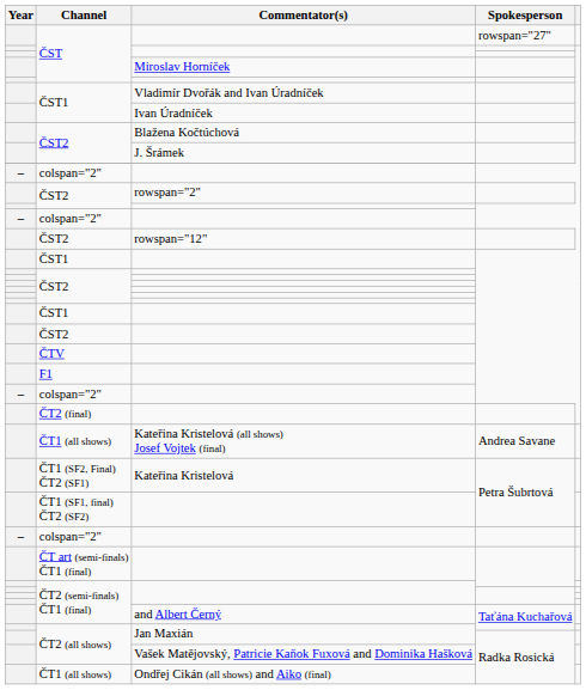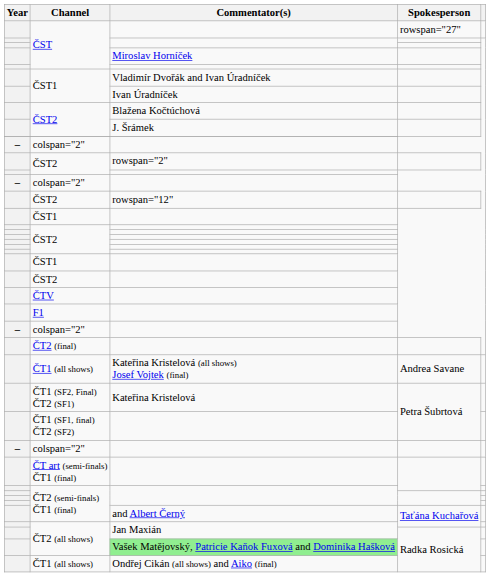 <table class="wikitable plainrowheaders sticky-header" text-align:left;">
 <tr>
 <th>Year</th>
 <th>Channel</th>
 <th>Commentator(s)</th>
 <th>Spokesperson</th>
 <th class="unsortable"></th>
 </tr>
 <tr>
 <th scope="row"></th>
 <td rowspan="5"><a href='#'>ČST</a></td>
 <td></td>
 <td>rowspan="27" </td>
 <td style="text-align:center"></td>
 </tr>
 <tr>
 <th scope="row"></th>
 <td rowspan="2"></td>
 <td style="text-align:center"></td>
 </tr>
 <tr>
 <th scope="row"></th>
 <td style="text-align:center"></td>
 </tr>
 <tr>
 <th scope="row"></th>
 <td><a href='#'>Miroslav Horníček</a></td>
 <td style="text-align:center"></td>
 </tr>
 <tr>
 <th scope="row"></th>
 <td></td>
 <td style="text-align:center"></td>
 </tr>
 <tr>
 <th scope="row"></th>
 <td rowspan="2">ČST1</td>
 <td>Vladimír Dvořák and Ivan Úradníček</td>
 <td style="text-align:center"></td>
 </tr>
 <tr>
 <th scope="row"></th>
 <td>Ivan Úradníček</td>
 <td style="text-align:center"></td>
 </tr>
 <tr>
 <th scope="row"></th>
 <td rowspan="2"><a href='#'>ČST2</a></td>
 <td>Blažena Kočtúchová</td>
 <td style="text-align:center"></td>
 </tr>
 <tr>
 <th scope="row"></th>
 <td>J. Šrámek</td>
 <td style="text-align:center"></td>
 </tr>
 <tr>
 </tr>
 <tr>
 <th scope="row">–</th>
 <td>colspan="2" </td>
 <td></td>
 </tr>
 <tr>
 <th scope="row"></th>
 <td rowspan="2">ČST2</td>
 <td>rowspan="2" </td>
 <td style="text-align:center"></td>
 </tr>
 <tr>
 <th scope="row"></th>
 <td style="text-align:center"></td>
 </tr>
 <tr>
 <th scope="row">–</th>
 <td>colspan="2" </td>
 <td></td>
 </tr>
 <tr>
 <th scope="row"></th>
 <td>ČST2</td>
 <td>rowspan="12" </td>
 <td style="text-align:center"></td>
 </tr>
 <tr>
 <th scope="row"></th>
 <td>ČST1</td>
 <td style="text-align:center"></td>
 </tr>
 <tr>
 <th scope="row"></th>
 <td rowspan="6">ČST2</td>
 <td style="text-align:center"></td>
 </tr>
 <tr>
 <th scope="row"></th>
 <td style="text-align:center"></td>
 </tr>
 <tr>
 <th scope="row"></th>
 <td style="text-align:center"></td>
 </tr>
 <tr>
 <th scope="row"></th>
 <td style="text-align:center"></td>
 </tr>
 <tr>
 <th scope="row"></th>
 <td style="text-align:center"></td>
 </tr>
 <tr>
 <th scope="row"></th>
 <td style="text-align:center"></td>
 </tr>
 <tr>
 <th scope="row"></th>
 <td>ČST1</td>
 <td style="text-align:center"></td>
 </tr>
 <tr>
 <th scope="row"></th>
 <td>ČST2</td>
 <td style="text-align:center"></td>
 </tr>
 <tr>
 <th scope="row"></th>
 <td><a href='#'>ČTV</a></td>
 <td style="text-align:center"></td>
 </tr>
 <tr>
 <th scope="row"></th>
 <td><a href='#'>F1</a></td>
 <td style="text-align:center"></td>
 </tr>
 <tr>
 <th scope="row">–</th>
 <td>colspan="2" </td>
 <td></td>
 </tr>
 <tr>
 <th scope="row"></th>
 <td><a href='#'>ČT2</a> <small>(final)</small></td>
 <td></td>
 <td></td>
 </tr>
 <tr>
 <th scope="row"></th>
 <td><a href='#'>ČT1</a> <small>(all shows)</small></td>
 <td>Kateřina Kristelová <small>(all shows)</small><br><a href='#'>Josef Vojtek</a> <small>(final)</small></td>
 <td>Andrea Savane</td>
 <td></td>
 </tr>
 <tr>
 <th scope="row"></th>
 <td>ČT1 <small>(SF2, Final)</small><br>ČT2 <small>(SF1)</small></td>
 <td>Kateřina Kristelová</td>
 <td rowspan="2">Petra Šubrtová</td>
 <td></td>
 </tr>
 <tr>
 <th scope="row"></th>
 <td>ČT1 <small>(SF1, final)</small><br>ČT2 <small>(SF2)</small></td>
 <td></td>
 <td></td>
 </tr>
 <tr>
 <th scope="row">–</th>
 <td>colspan="2" </td>
 <td></td>
 <td></td>
 </tr>
 <tr>
 <th scope="row"></th>
 <td><a href='#'>ČT art</a> <small>(semi-finals)</small><br>ČT1 <small>(final)</small></td>
 <td></td>
 <td rowspan="2"></td>
 <td></td>
 </tr>
 <tr>
 <th scope="row"></th>
 <td rowspan="5">ČT2 <small>(semi-finals)</small><br>ČT1 <small>(final)</small></td>
 <td rowspan="4"></td>
 <td></td>
 </tr>
 <tr>
 <th scope="row"></th>
 <td rowspan="3"></td>
 <td></td>
 </tr>
 <tr>
 <th scope="row"></th>
 <td></td>
 </tr>
 <tr>
 <th scope="row"></th>
 <td></td>
 </tr>
 <tr>
 <th scope="row"></th>
 <td> and <a href='#'>Albert Černý</a></td>
 <td rowspan="2"><a href='#'>Taťána Kuchařová</a></td>
 <td></td>
 </tr>
 <tr>
 <th scope="row"></th>
 <td rowspan="3">ČT2 <small>(all shows)</small></td>
 <td rowspan="2">Jan Maxián</td>
 <td></td>
 </tr>
 <tr>
 <th scope="row"></th>
 <td rowspan="3">Radka Rosická</td>
 <td></td>
 </tr>
 <tr>
 <th scope="row"></th>
-<td>Vašek Matějovský, <a href='#'>Patricie Kaňok Fuxová</a> and <a href='#'>Dominika Hašková</a></td>
+<td style="background: lightgreen;">Vašek Matějovský, <a href='#'>Patricie Kaňok Fuxová</a> and <a href='#'>Dominika Hašková</a></td>
 <td></td>
 </tr>
 <tr>
 <th scope="row"></th>
 <td>ČT1 <small>(all shows)</small></td>
 <td>Ondřej Cikán <small>(all shows)</small> and <a href='#'>Aiko</a> <small>(final)</small></td>
 <td></td>
 </tr>
 </table>
